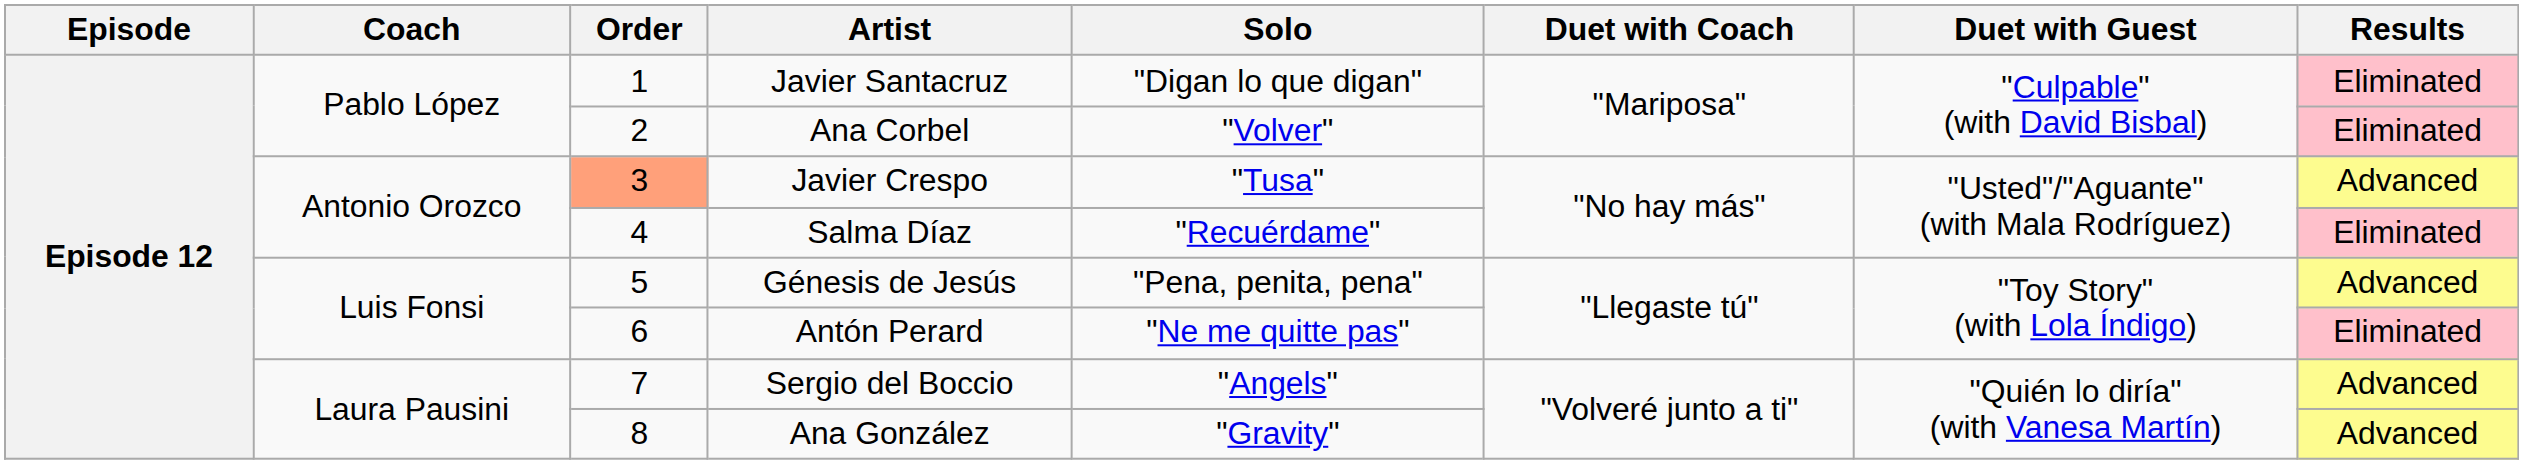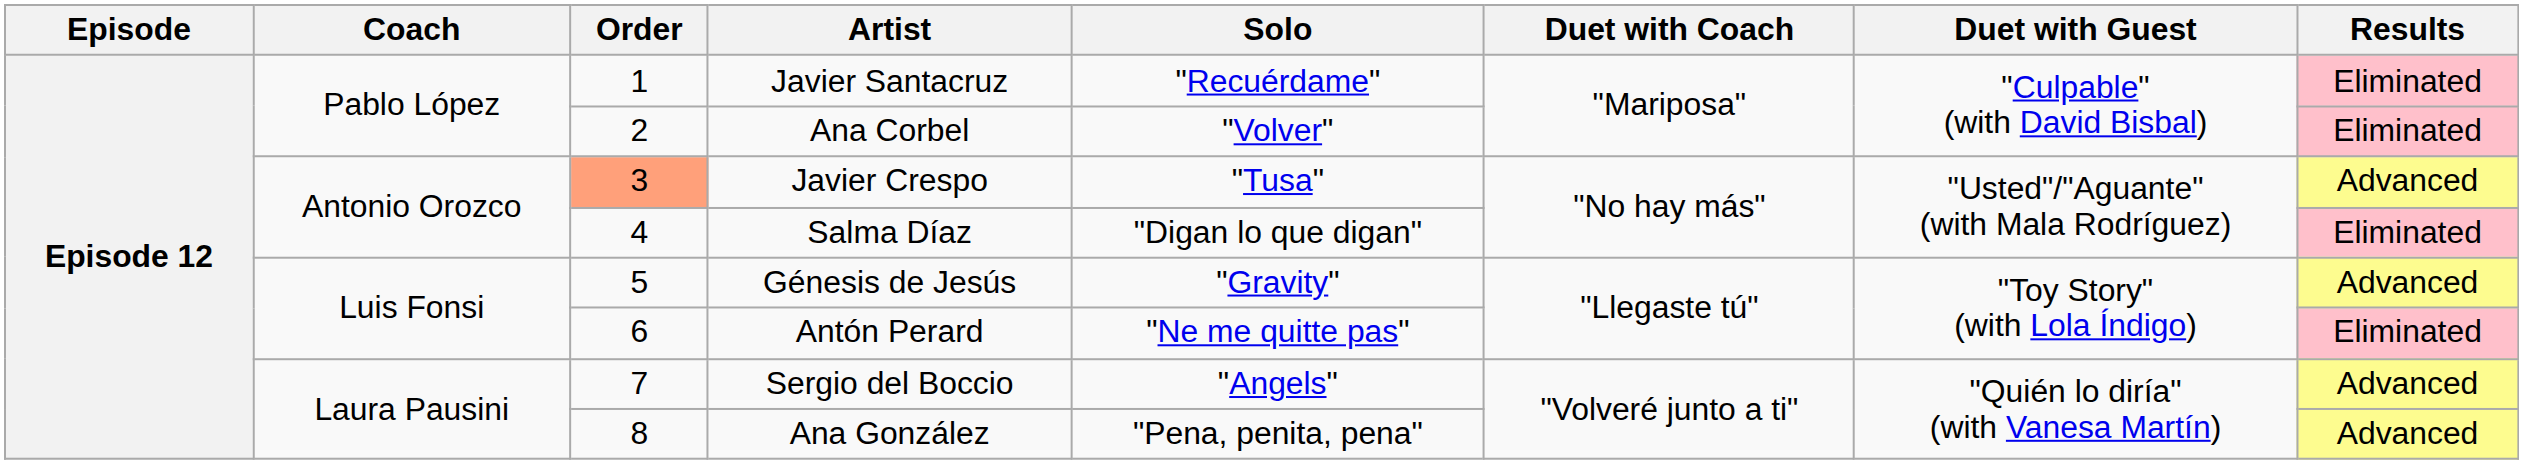 <table class="wikitable" style="text-align:center; width:100%">
 <tr>
 <th>Episode</th>
 <th>Coach</th>
 <th>Order</th>
 <th>Artist</th>
 <th>Solo</th>
 <th>Duet with Coach</th>
 <th>Duet with Guest</th>
 <th>Results</th>
 </tr>
 <tr>
 <th rowspan="8">Episode 12<br></th>
 <td rowspan="2">Pablo López</td>
 <td>1</td>
 <td>Javier Santacruz</td>
-<td>"Digan lo que digan"</td>
+<td>"<a href='#'>Recuérdame</a>"</td>
 <td rowspan="2">"Mariposa"</td>
 <td rowspan="2">"<a href='#'>Culpable</a>"<br>(with <a href='#'>David Bisbal</a>)</td>
 <td bgcolor="pink">Eliminated</td>
 </tr>
 <tr>
 <td>2</td>
 <td>Ana Corbel</td>
 <td>"<a href='#'>Volver</a>"</td>
 <td bgcolor="pink">Eliminated</td>
 </tr>
 <tr>
 <td rowspan="2">Antonio Orozco</td>
 <td style="background: lightsalmon;">3</td>
 <td>Javier Crespo</td>
 <td>"<a href='#'>Tusa</a>"</td>
 <td rowspan="2">"No hay más"</td>
 <td rowspan="2">"Usted"/"Aguante"<br>(with Mala Rodríguez)</td>
 <td style="background:#fdfc8f">Advanced</td>
 </tr>
 <tr>
 <td>4</td>
 <td>Salma Díaz</td>
-<td>"<a href='#'>Recuérdame</a>"</td>
+<td>"Digan lo que digan"</td>
 <td bgcolor="pink">Eliminated</td>
 </tr>
 <tr>
 <td rowspan="2">Luis Fonsi</td>
 <td>5</td>
 <td>Génesis de Jesús</td>
-<td>"Pena, penita, pena"</td>
+<td>"<a href='#'>Gravity</a>"</td>
 <td rowspan="2">"Llegaste tú"</td>
 <td rowspan="2">"Toy Story"<br>(with <a href='#'>Lola Índigo</a>)</td>
 <td style="background:#fdfc8f">Advanced</td>
 </tr>
 <tr>
 <td>6</td>
 <td>Antón Perard</td>
 <td>"<a href='#'>Ne me quitte pas</a>"</td>
 <td bgcolor="pink">Eliminated</td>
 </tr>
 <tr>
 <td rowspan="2">Laura Pausini</td>
 <td>7</td>
 <td>Sergio del Boccio</td>
 <td>"<a href='#'>Angels</a>"</td>
 <td rowspan="2">"Volveré junto a ti"</td>
 <td rowspan="2">"Quién lo diría"<br>(with <a href='#'>Vanesa Martín</a>)</td>
 <td style="background:#fdfc8f">Advanced</td>
 </tr>
 <tr>
 <td>8</td>
 <td>Ana González</td>
-<td>"<a href='#'>Gravity</a>"</td>
+<td>"Pena, penita, pena"</td>
 <td style="background:#fdfc8f">Advanced</td>
 </tr>
 </table>
